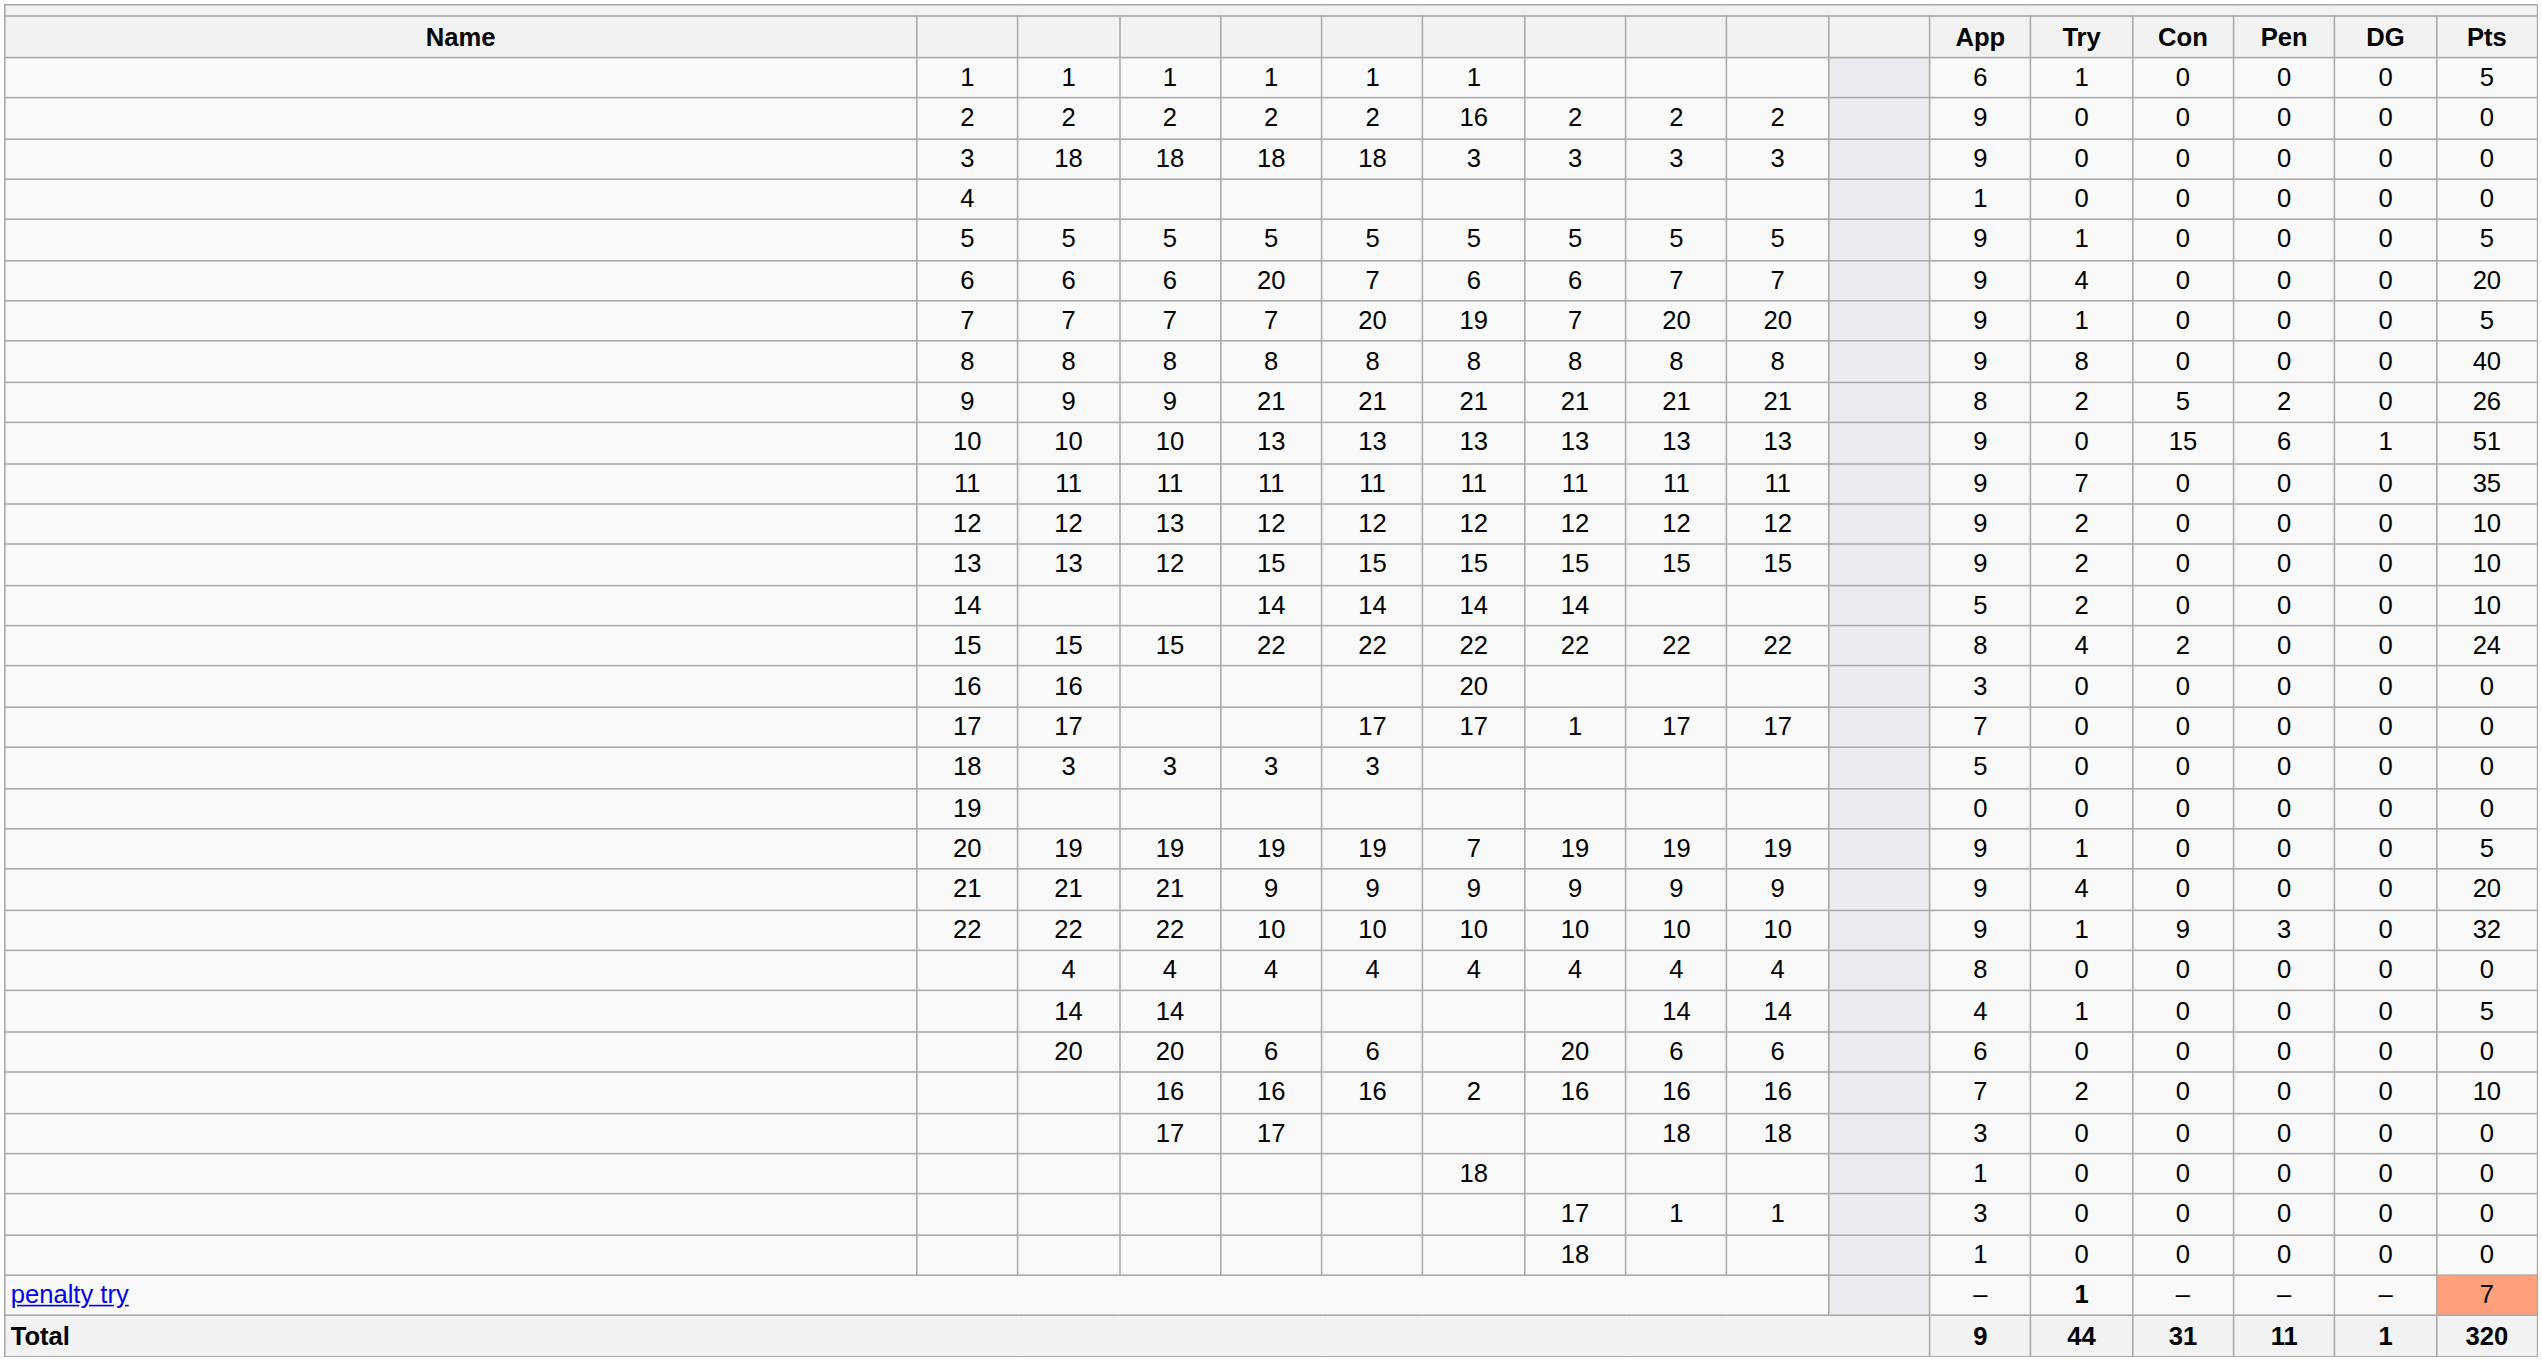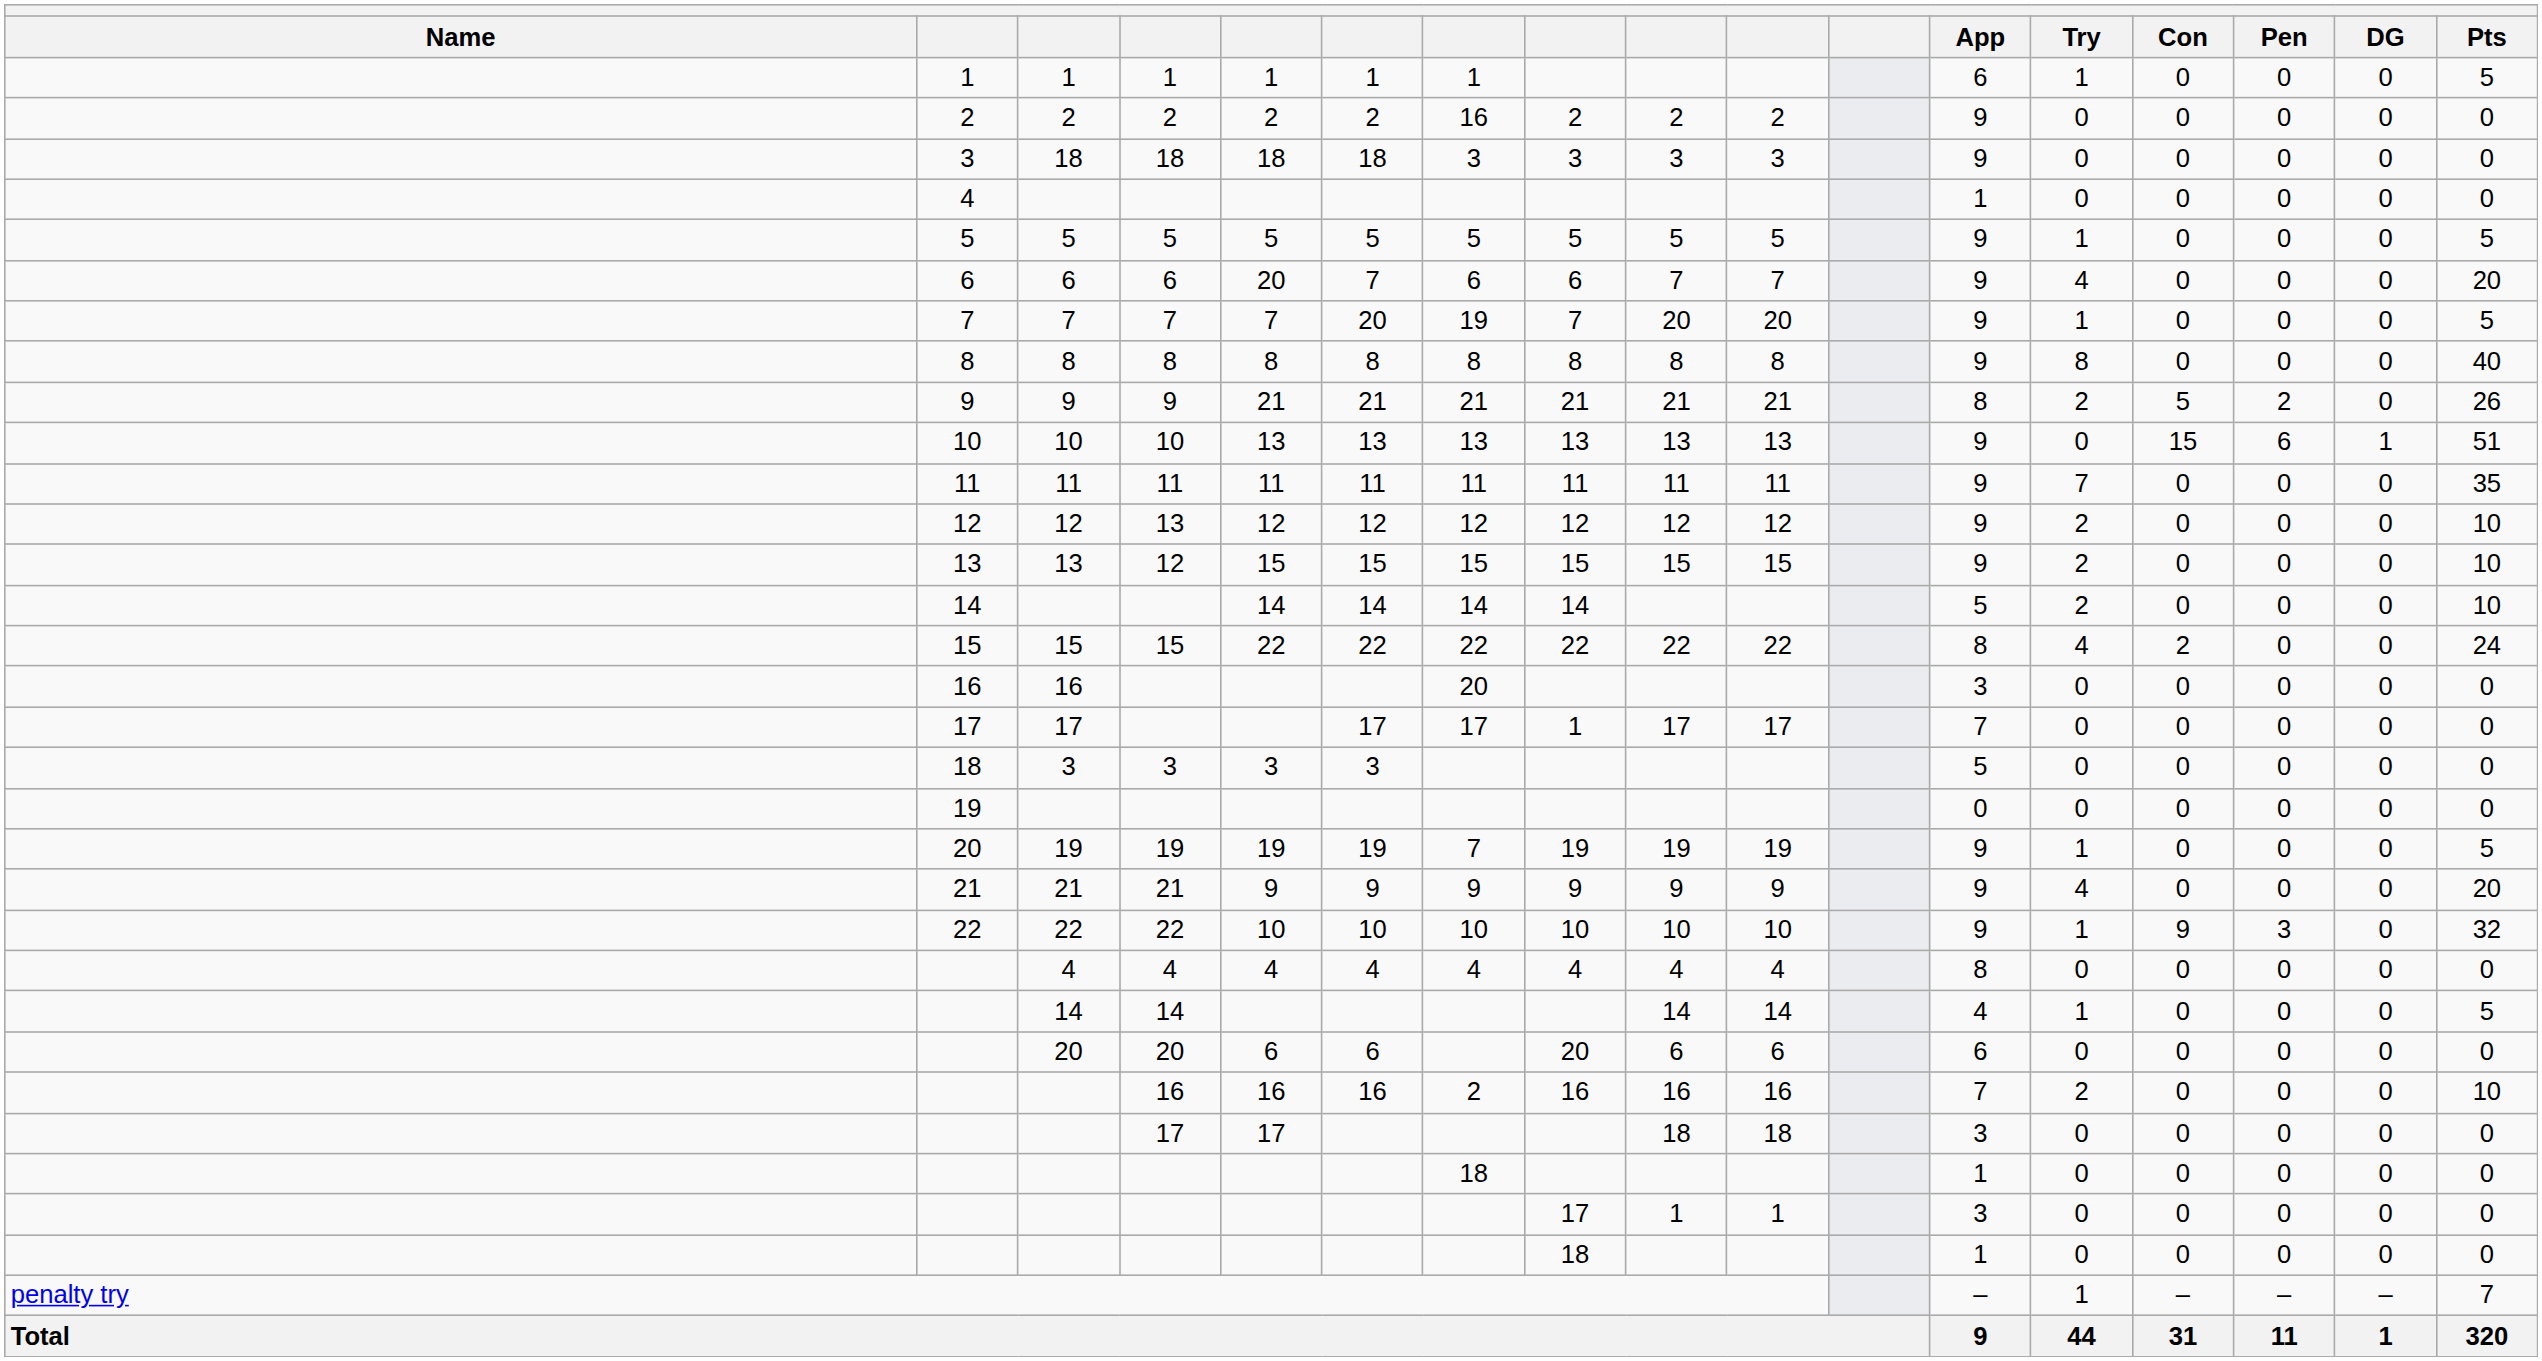 <table class="wikitable collapsible collapsed" style="text-align:center; font-size:100%; width:100%">
 <tr>
 <th colspan="100%"></th>
 </tr>
 <tr>
 <th style="width:36%;">Name</th>
 <th style="width:4%;"></th>
 <th style="width:4%;"></th>
 <th style="width:4%;"></th>
 <th style="width:4%;"></th>
 <th style="width:4%;"></th>
 <th style="width:4%;"></th>
 <th style="width:4%;"></th>
 <th style="width:4%;"></th>
 <th style="width:4%;"></th>
 <th style="width:4%;"></th>
 <th style="width:4%;">App</th>
 <th style="width:4%;">Try</th>
 <th style="width:4%;">Con</th>
 <th style="width:4%;">Pen</th>
 <th style="width:4%;">DG</th>
 <th style="width:4%;">Pts</th>
 </tr>
 <tr>
 <td style="text-align:left;"></td>
 <td>1</td>
 <td>1</td>
 <td>1</td>
 <td>1</td>
 <td>1</td>
 <td>1</td>
 <td></td>
 <td></td>
 <td></td>
 <td style="background:#EBECF0;"></td>
 <td>6</td>
 <td>1</td>
 <td>0</td>
 <td>0</td>
 <td>0</td>
 <td>5</td>
 </tr>
 <tr>
 <td style="text-align:left;"></td>
 <td>2</td>
 <td>2</td>
 <td>2</td>
 <td>2</td>
 <td>2</td>
 <td>16 </td>
 <td>2</td>
 <td>2</td>
 <td>2</td>
 <td style="background:#EBECF0;"></td>
 <td>9</td>
 <td>0</td>
 <td>0</td>
 <td>0</td>
 <td>0</td>
 <td>0</td>
 </tr>
 <tr>
 <td style="text-align:left;"></td>
 <td>3</td>
 <td>18 </td>
 <td>18 </td>
 <td>18 </td>
 <td>18 </td>
 <td>3</td>
 <td>3</td>
 <td>3</td>
 <td>3</td>
 <td style="background:#EBECF0;"></td>
 <td>9</td>
 <td>0</td>
 <td>0</td>
 <td>0</td>
 <td>0</td>
 <td>0</td>
 </tr>
 <tr>
 <td style="text-align:left;"></td>
 <td>4</td>
 <td></td>
 <td></td>
 <td></td>
 <td></td>
 <td></td>
 <td></td>
 <td></td>
 <td></td>
 <td style="background:#EBECF0;"></td>
 <td>1</td>
 <td>0</td>
 <td>0</td>
 <td>0</td>
 <td>0</td>
 <td>0</td>
 </tr>
 <tr>
 <td style="text-align:left;"></td>
 <td>5</td>
 <td>5</td>
 <td>5</td>
 <td>5</td>
 <td>5</td>
 <td>5</td>
 <td>5</td>
 <td>5</td>
 <td>5</td>
 <td style="background:#EBECF0;"></td>
 <td>9</td>
 <td>1</td>
 <td>0</td>
 <td>0</td>
 <td>0</td>
 <td>5</td>
 </tr>
 <tr>
 <td style="text-align:left;"></td>
 <td>6</td>
 <td>6</td>
 <td>6</td>
 <td>20 </td>
 <td>7</td>
 <td>6</td>
 <td>6</td>
 <td>7</td>
 <td>7</td>
 <td style="background:#EBECF0;"></td>
 <td>9</td>
 <td>4</td>
 <td>0</td>
 <td>0</td>
 <td>0</td>
 <td>20</td>
 </tr>
 <tr>
 <td style="text-align:left;"></td>
 <td>7</td>
 <td>7</td>
 <td>7</td>
 <td>7</td>
 <td>20 </td>
 <td>19 </td>
 <td>7</td>
 <td>20 </td>
 <td>20 </td>
 <td style="background:#EBECF0;"></td>
 <td>9</td>
 <td>1</td>
 <td>0</td>
 <td>0</td>
 <td>0</td>
 <td>5</td>
 </tr>
 <tr>
 <td style="text-align:left;"></td>
 <td>8</td>
 <td>8</td>
 <td>8</td>
 <td>8</td>
 <td>8</td>
 <td>8</td>
 <td>8</td>
 <td>8</td>
 <td>8</td>
 <td style="background:#EBECF0;"></td>
 <td>9</td>
 <td>8</td>
 <td>0</td>
 <td>0</td>
 <td>0</td>
 <td>40</td>
 </tr>
 <tr>
 <td style="text-align:left;"></td>
 <td>9</td>
 <td>9</td>
 <td>9</td>
 <td>21</td>
 <td>21 </td>
 <td>21 </td>
 <td>21 </td>
 <td>21 </td>
 <td>21 </td>
 <td style="background:#EBECF0;"></td>
 <td>8</td>
 <td>2</td>
 <td>5</td>
 <td>2</td>
 <td>0</td>
 <td>26</td>
 </tr>
 <tr>
 <td style="text-align:left;"></td>
 <td>10</td>
 <td>10</td>
 <td>10</td>
 <td>13</td>
 <td>13</td>
 <td>13</td>
 <td>13</td>
 <td>13</td>
 <td>13</td>
 <td style="background:#EBECF0;"></td>
 <td>9</td>
 <td>0</td>
 <td>15</td>
 <td>6</td>
 <td>1</td>
 <td>51</td>
 </tr>
 <tr>
 <td style="text-align:left;"></td>
 <td>11</td>
 <td>11</td>
 <td>11</td>
 <td>11</td>
 <td>11</td>
 <td>11</td>
 <td>11</td>
 <td>11</td>
 <td>11</td>
 <td style="background:#EBECF0;"></td>
 <td>9</td>
 <td>7</td>
 <td>0</td>
 <td>0</td>
 <td>0</td>
 <td>35</td>
 </tr>
 <tr>
 <td style="text-align:left;"></td>
 <td>12</td>
 <td>12</td>
 <td>13</td>
 <td>12</td>
 <td>12</td>
 <td>12</td>
 <td>12</td>
 <td>12</td>
 <td>12</td>
 <td style="background:#EBECF0;"></td>
 <td>9</td>
 <td>2</td>
 <td>0</td>
 <td>0</td>
 <td>0</td>
 <td>10</td>
 </tr>
 <tr>
 <td style="text-align:left;"></td>
 <td>13</td>
 <td>13</td>
 <td>12</td>
 <td>15</td>
 <td>15</td>
 <td>15</td>
 <td>15</td>
 <td>15</td>
 <td>15</td>
 <td style="background:#EBECF0;"></td>
 <td>9</td>
 <td>2</td>
 <td>0</td>
 <td>0</td>
 <td>0</td>
 <td>10</td>
 </tr>
 <tr>
 <td style="text-align:left;"></td>
 <td>14</td>
 <td></td>
 <td></td>
 <td>14</td>
 <td>14</td>
 <td>14</td>
 <td>14</td>
 <td></td>
 <td></td>
 <td style="background:#EBECF0;"></td>
 <td>5</td>
 <td>2</td>
 <td>0</td>
 <td>0</td>
 <td>0</td>
 <td>10</td>
 </tr>
 <tr>
 <td style="text-align:left;"></td>
 <td>15</td>
 <td>15</td>
 <td>15</td>
 <td>22 </td>
 <td>22 </td>
 <td>22 </td>
 <td>22</td>
 <td>22 </td>
 <td>22 </td>
 <td style="background:#EBECF0;"></td>
 <td>8</td>
 <td>4</td>
 <td>2</td>
 <td>0</td>
 <td>0</td>
 <td>24</td>
 </tr>
 <tr>
 <td style="text-align:left;"></td>
 <td>16 </td>
 <td>16 </td>
 <td></td>
 <td></td>
 <td></td>
 <td>20 </td>
 <td></td>
 <td></td>
 <td></td>
 <td style="background:#EBECF0;"></td>
 <td>3</td>
 <td>0</td>
 <td>0</td>
 <td>0</td>
 <td>0</td>
 <td>0</td>
 </tr>
 <tr>
 <td style="text-align:left;"></td>
 <td>17 </td>
 <td>17 </td>
 <td></td>
 <td></td>
 <td>17 </td>
 <td>17 </td>
 <td>1</td>
 <td>17 </td>
 <td>17 </td>
 <td style="background:#EBECF0;"></td>
 <td>7</td>
 <td>0</td>
 <td>0</td>
 <td>0</td>
 <td>0</td>
 <td>0</td>
 </tr>
 <tr>
 <td style="text-align:left;"></td>
 <td>18 </td>
 <td>3</td>
 <td>3</td>
 <td>3</td>
 <td>3</td>
 <td></td>
 <td></td>
 <td></td>
 <td></td>
 <td style="background:#EBECF0;"></td>
 <td>5</td>
 <td>0</td>
 <td>0</td>
 <td>0</td>
 <td>0</td>
 <td>0</td>
 </tr>
 <tr>
 <td style="text-align:left;"></td>
 <td>19</td>
 <td></td>
 <td></td>
 <td></td>
 <td></td>
 <td></td>
 <td></td>
 <td></td>
 <td></td>
 <td style="background:#EBECF0;"></td>
 <td>0</td>
 <td>0</td>
 <td>0</td>
 <td>0</td>
 <td>0</td>
 <td>0</td>
 </tr>
 <tr>
 <td style="text-align:left;"></td>
 <td>20 </td>
 <td>19 </td>
 <td>19 </td>
 <td>19 </td>
 <td>19 </td>
 <td>7</td>
 <td>19 </td>
 <td>19 </td>
 <td>19 </td>
 <td style="background:#EBECF0;"></td>
 <td>9</td>
 <td>1</td>
 <td>0</td>
 <td>0</td>
 <td>0</td>
 <td>5</td>
 </tr>
 <tr>
 <td style="text-align:left;"></td>
 <td>21 </td>
 <td>21 </td>
 <td>21 </td>
 <td>9</td>
 <td>9</td>
 <td>9</td>
 <td>9</td>
 <td>9</td>
 <td>9</td>
 <td style="background:#EBECF0;"></td>
 <td>9</td>
 <td>4</td>
 <td>0</td>
 <td>0</td>
 <td>0</td>
 <td>20</td>
 </tr>
 <tr>
 <td style="text-align:left;"></td>
 <td>22 </td>
 <td>22 </td>
 <td>22 </td>
 <td>10</td>
 <td>10</td>
 <td>10</td>
 <td>10</td>
 <td>10</td>
 <td>10</td>
 <td style="background:#EBECF0;"></td>
 <td>9</td>
 <td>1</td>
 <td>9</td>
 <td>3</td>
 <td>0</td>
 <td>32</td>
 </tr>
 <tr>
 <td style="text-align:left;"></td>
 <td></td>
 <td>4</td>
 <td>4</td>
 <td>4</td>
 <td>4</td>
 <td>4</td>
 <td>4</td>
 <td>4</td>
 <td>4</td>
 <td style="background:#EBECF0;"></td>
 <td>8</td>
 <td>0</td>
 <td>0</td>
 <td>0</td>
 <td>0</td>
 <td>0</td>
 </tr>
 <tr>
 <td style="text-align:left;"></td>
 <td></td>
 <td>14</td>
 <td>14</td>
 <td></td>
 <td></td>
 <td></td>
 <td></td>
 <td>14</td>
 <td>14</td>
 <td style="background:#EBECF0;"></td>
 <td>4</td>
 <td>1</td>
 <td>0</td>
 <td>0</td>
 <td>0</td>
 <td>5</td>
 </tr>
 <tr>
 <td style="text-align:left;"></td>
 <td></td>
 <td>20 </td>
 <td>20 </td>
 <td>6</td>
 <td>6</td>
 <td></td>
 <td>20</td>
 <td>6</td>
 <td>6</td>
 <td style="background:#EBECF0;"></td>
 <td>6</td>
 <td>0</td>
 <td>0</td>
 <td>0</td>
 <td>0</td>
 <td>0</td>
 </tr>
 <tr>
 <td style="text-align:left;"></td>
 <td></td>
 <td></td>
 <td>16 </td>
 <td>16 </td>
 <td>16 </td>
 <td>2</td>
 <td>16 </td>
 <td>16 </td>
 <td>16 </td>
 <td style="background:#EBECF0;"></td>
 <td>7</td>
 <td>2</td>
 <td>0</td>
 <td>0</td>
 <td>0</td>
 <td>10</td>
 </tr>
 <tr>
 <td style="text-align:left;"></td>
 <td></td>
 <td></td>
 <td>17 </td>
 <td>17</td>
 <td></td>
 <td></td>
 <td></td>
 <td>18 </td>
 <td>18 </td>
 <td style="background:#EBECF0;"></td>
 <td>3</td>
 <td>0</td>
 <td>0</td>
 <td>0</td>
 <td>0</td>
 <td>0</td>
 </tr>
 <tr>
 <td style="text-align:left;"></td>
 <td></td>
 <td></td>
 <td></td>
 <td></td>
 <td></td>
 <td>18 </td>
 <td></td>
 <td></td>
 <td></td>
 <td style="background:#EBECF0;"></td>
 <td>1</td>
 <td>0</td>
 <td>0</td>
 <td>0</td>
 <td>0</td>
 <td>0</td>
 </tr>
 <tr>
 <td style="text-align:left;"></td>
 <td></td>
 <td></td>
 <td></td>
 <td></td>
 <td></td>
 <td></td>
 <td>17 </td>
 <td>1</td>
 <td>1</td>
 <td style="background:#EBECF0;"></td>
 <td>3</td>
 <td>0</td>
 <td>0</td>
 <td>0</td>
 <td>0</td>
 <td>0</td>
 </tr>
 <tr>
 <td style="text-align:left;"></td>
 <td></td>
 <td></td>
 <td></td>
 <td></td>
 <td></td>
 <td></td>
 <td>18 </td>
 <td></td>
 <td></td>
 <td style="background:#EBECF0;"></td>
 <td>1</td>
 <td>0</td>
 <td>0</td>
 <td>0</td>
 <td>0</td>
 <td>0</td>
 </tr>
 <tr>
 <td colspan="10" style="text-align:left;"><a href='#'>penalty try</a></td>
 <td style="background:#EBECF0;"></td>
 <td>–</td>
-<td><strong>1</strong></td>
+<td>1</td>
 <td>–</td>
 <td>–</td>
 <td>–</td>
-<td style="background: lightsalmon;">7</td>
+<td>7</td>
 </tr>
 <tr>
 <th colspan="11" style="text-align:left;">Total</th>
 <th>9</th>
 <th>44</th>
 <th>31</th>
 <th>11</th>
 <th>1</th>
 <th>320</th>
 </tr>
 </table>
